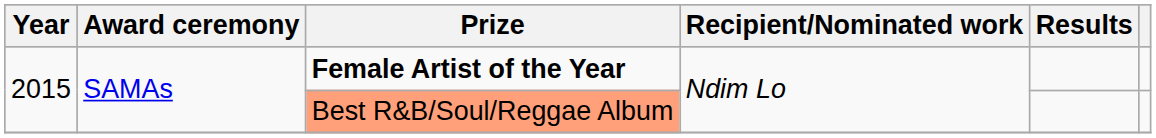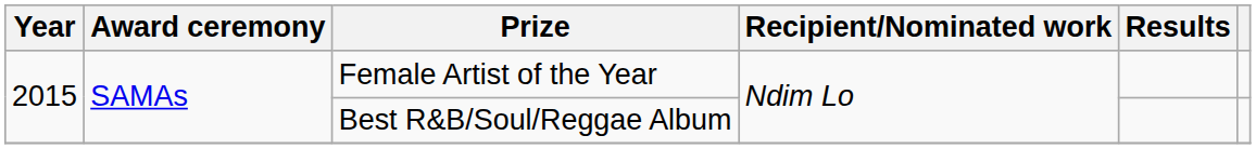 <table class="wikitable">
 <tr>
 <th>Year</th>
 <th>Award ceremony</th>
 <th>Prize</th>
 <th>Recipient/Nominated work</th>
 <th>Results</th>
 <th></th>
 </tr>
 <tr>
 <td rowspan="2">2015</td>
 <td rowspan="2"><a href='#'>SAMAs</a></td>
-<td><strong>Female Artist of the Year</strong></td>
+<td>Female Artist of the Year</td>
 <td rowspan="2"><em>Ndim Lo</em></td>
 <td></td>
 <td></td>
 </tr>
 <tr>
-<td style="background: lightsalmon;">Best R&B/Soul/Reggae Album</td>
+<td>Best R&B/Soul/Reggae Album</td>
 <td></td>
 <td></td>
 </tr>
 <tr>
 </tr>
 </table>
